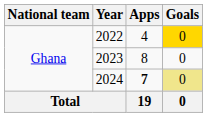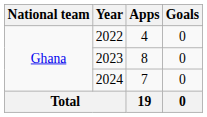 <table class="wikitable" style="text-align: center;">
 <tr>
 <th>National team</th>
 <th>Year</th>
 <th>Apps</th>
 <th>Goals</th>
 </tr>
 <tr>
 <td rowspan="3"><a href='#'>Ghana</a></td>
 <td>2022</td>
 <td>4</td>
-<td style="background: gold;">0</td>
+<td>0</td>
 </tr>
 <tr>
 <td>2023</td>
 <td>8</td>
 <td>0</td>
 </tr>
 <tr>
 <td>2024</td>
-<td><strong>7</strong></td>
-<td style="background: khaki;">0</td>
+<td>7</td>
+<td>0</td>
 </tr>
 <tr>
 <th colspan="2">Total</th>
 <th>19</th>
 <th>0</th>
 </tr>
 </table>
